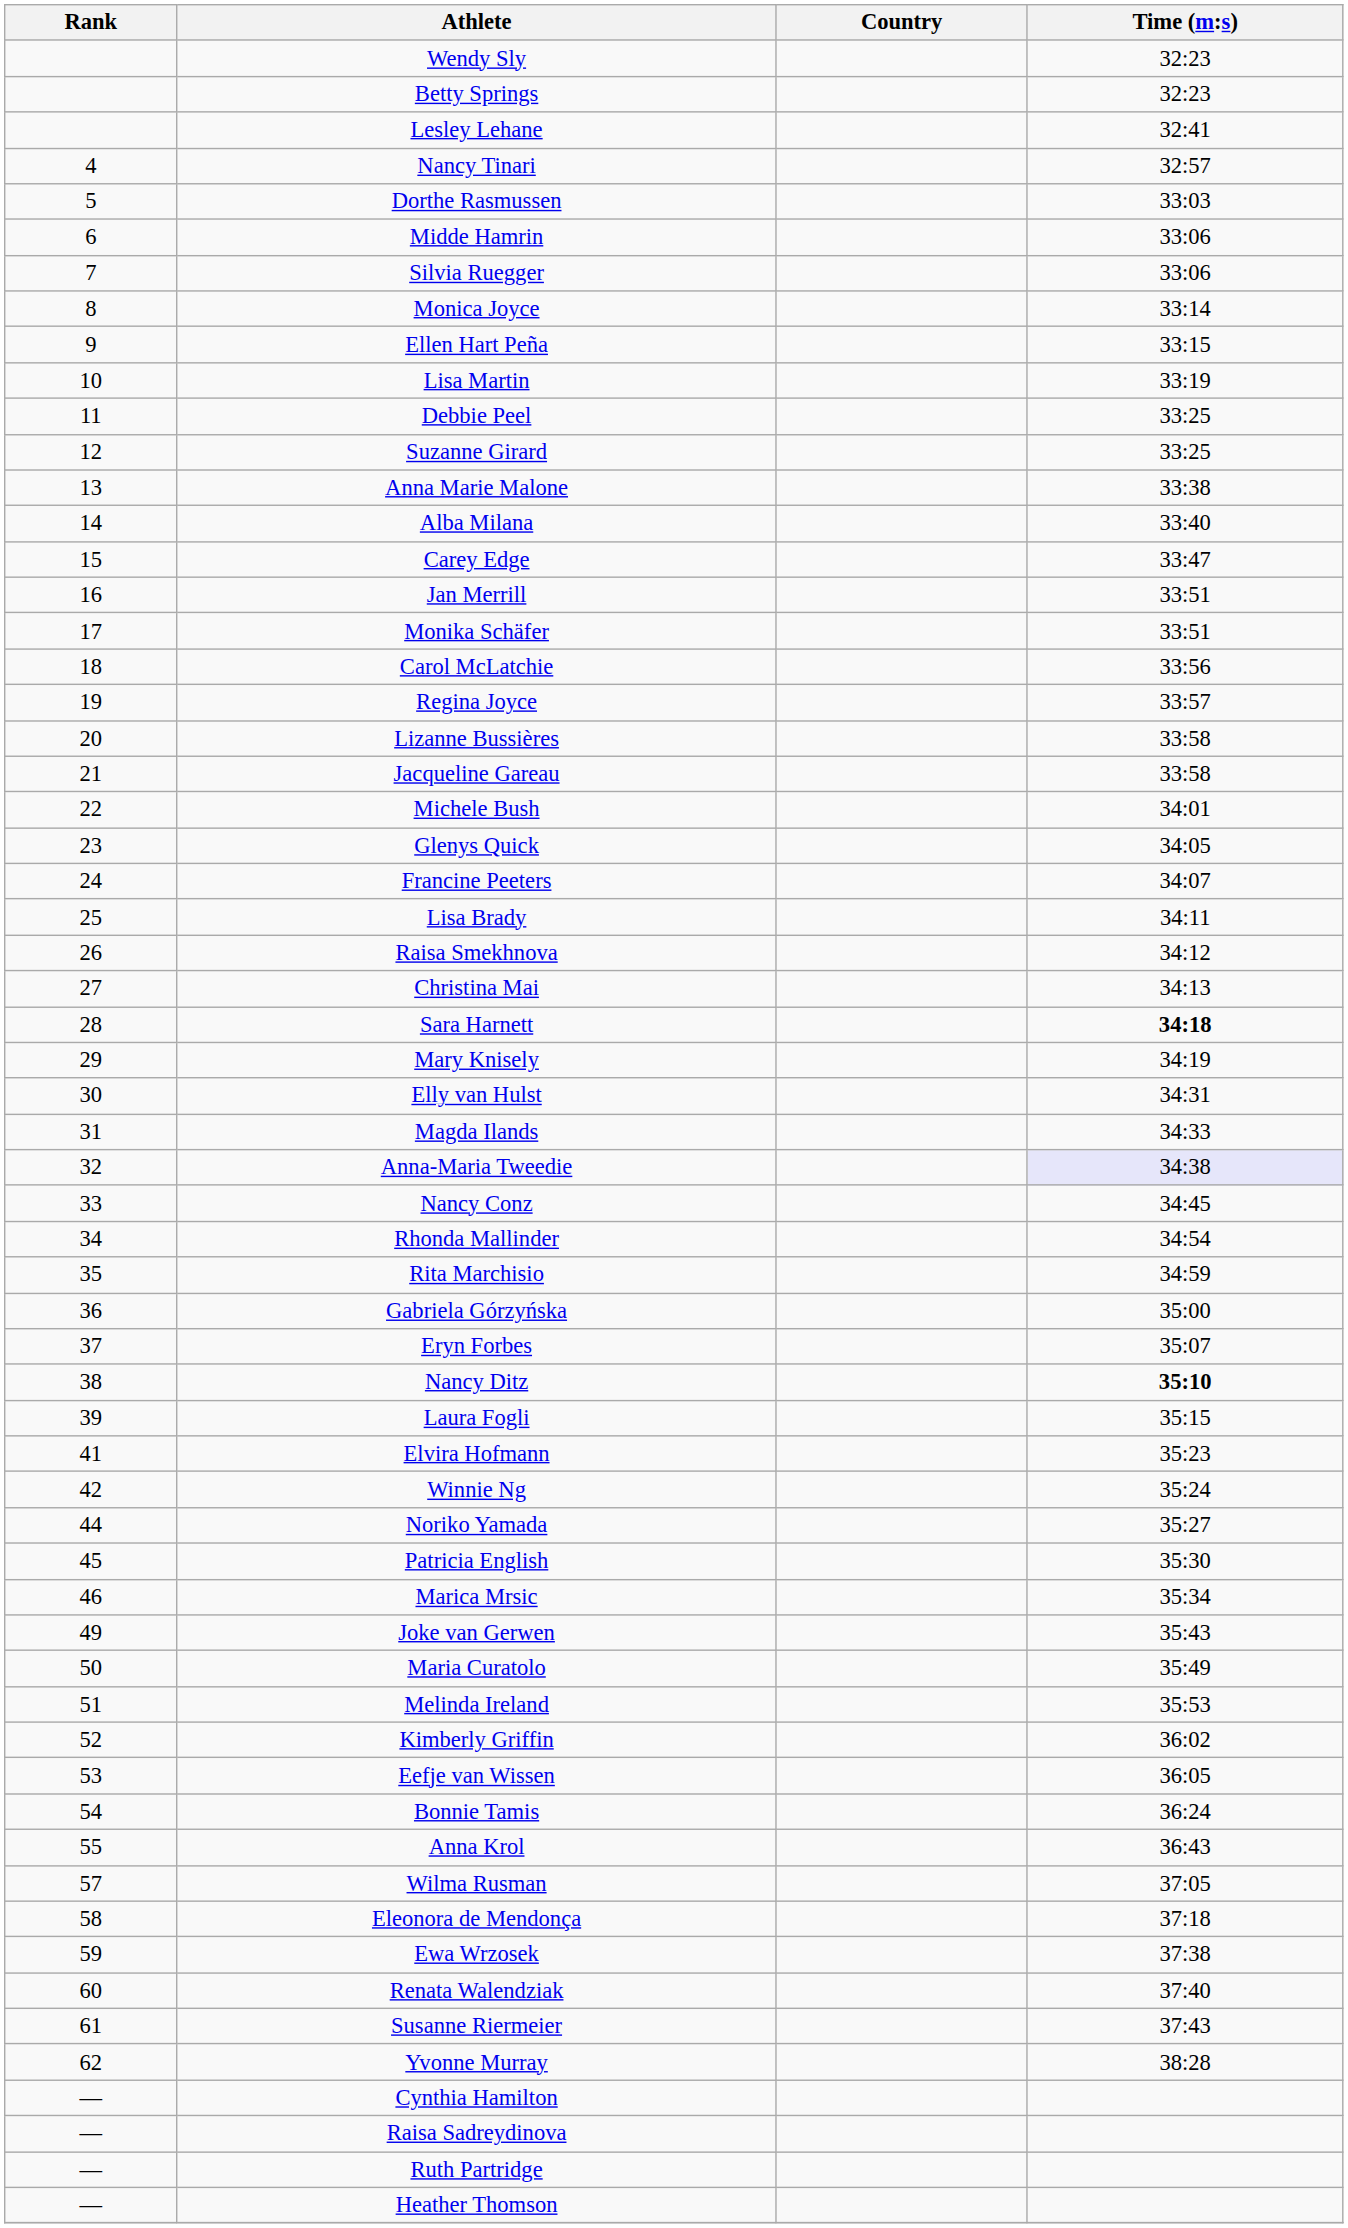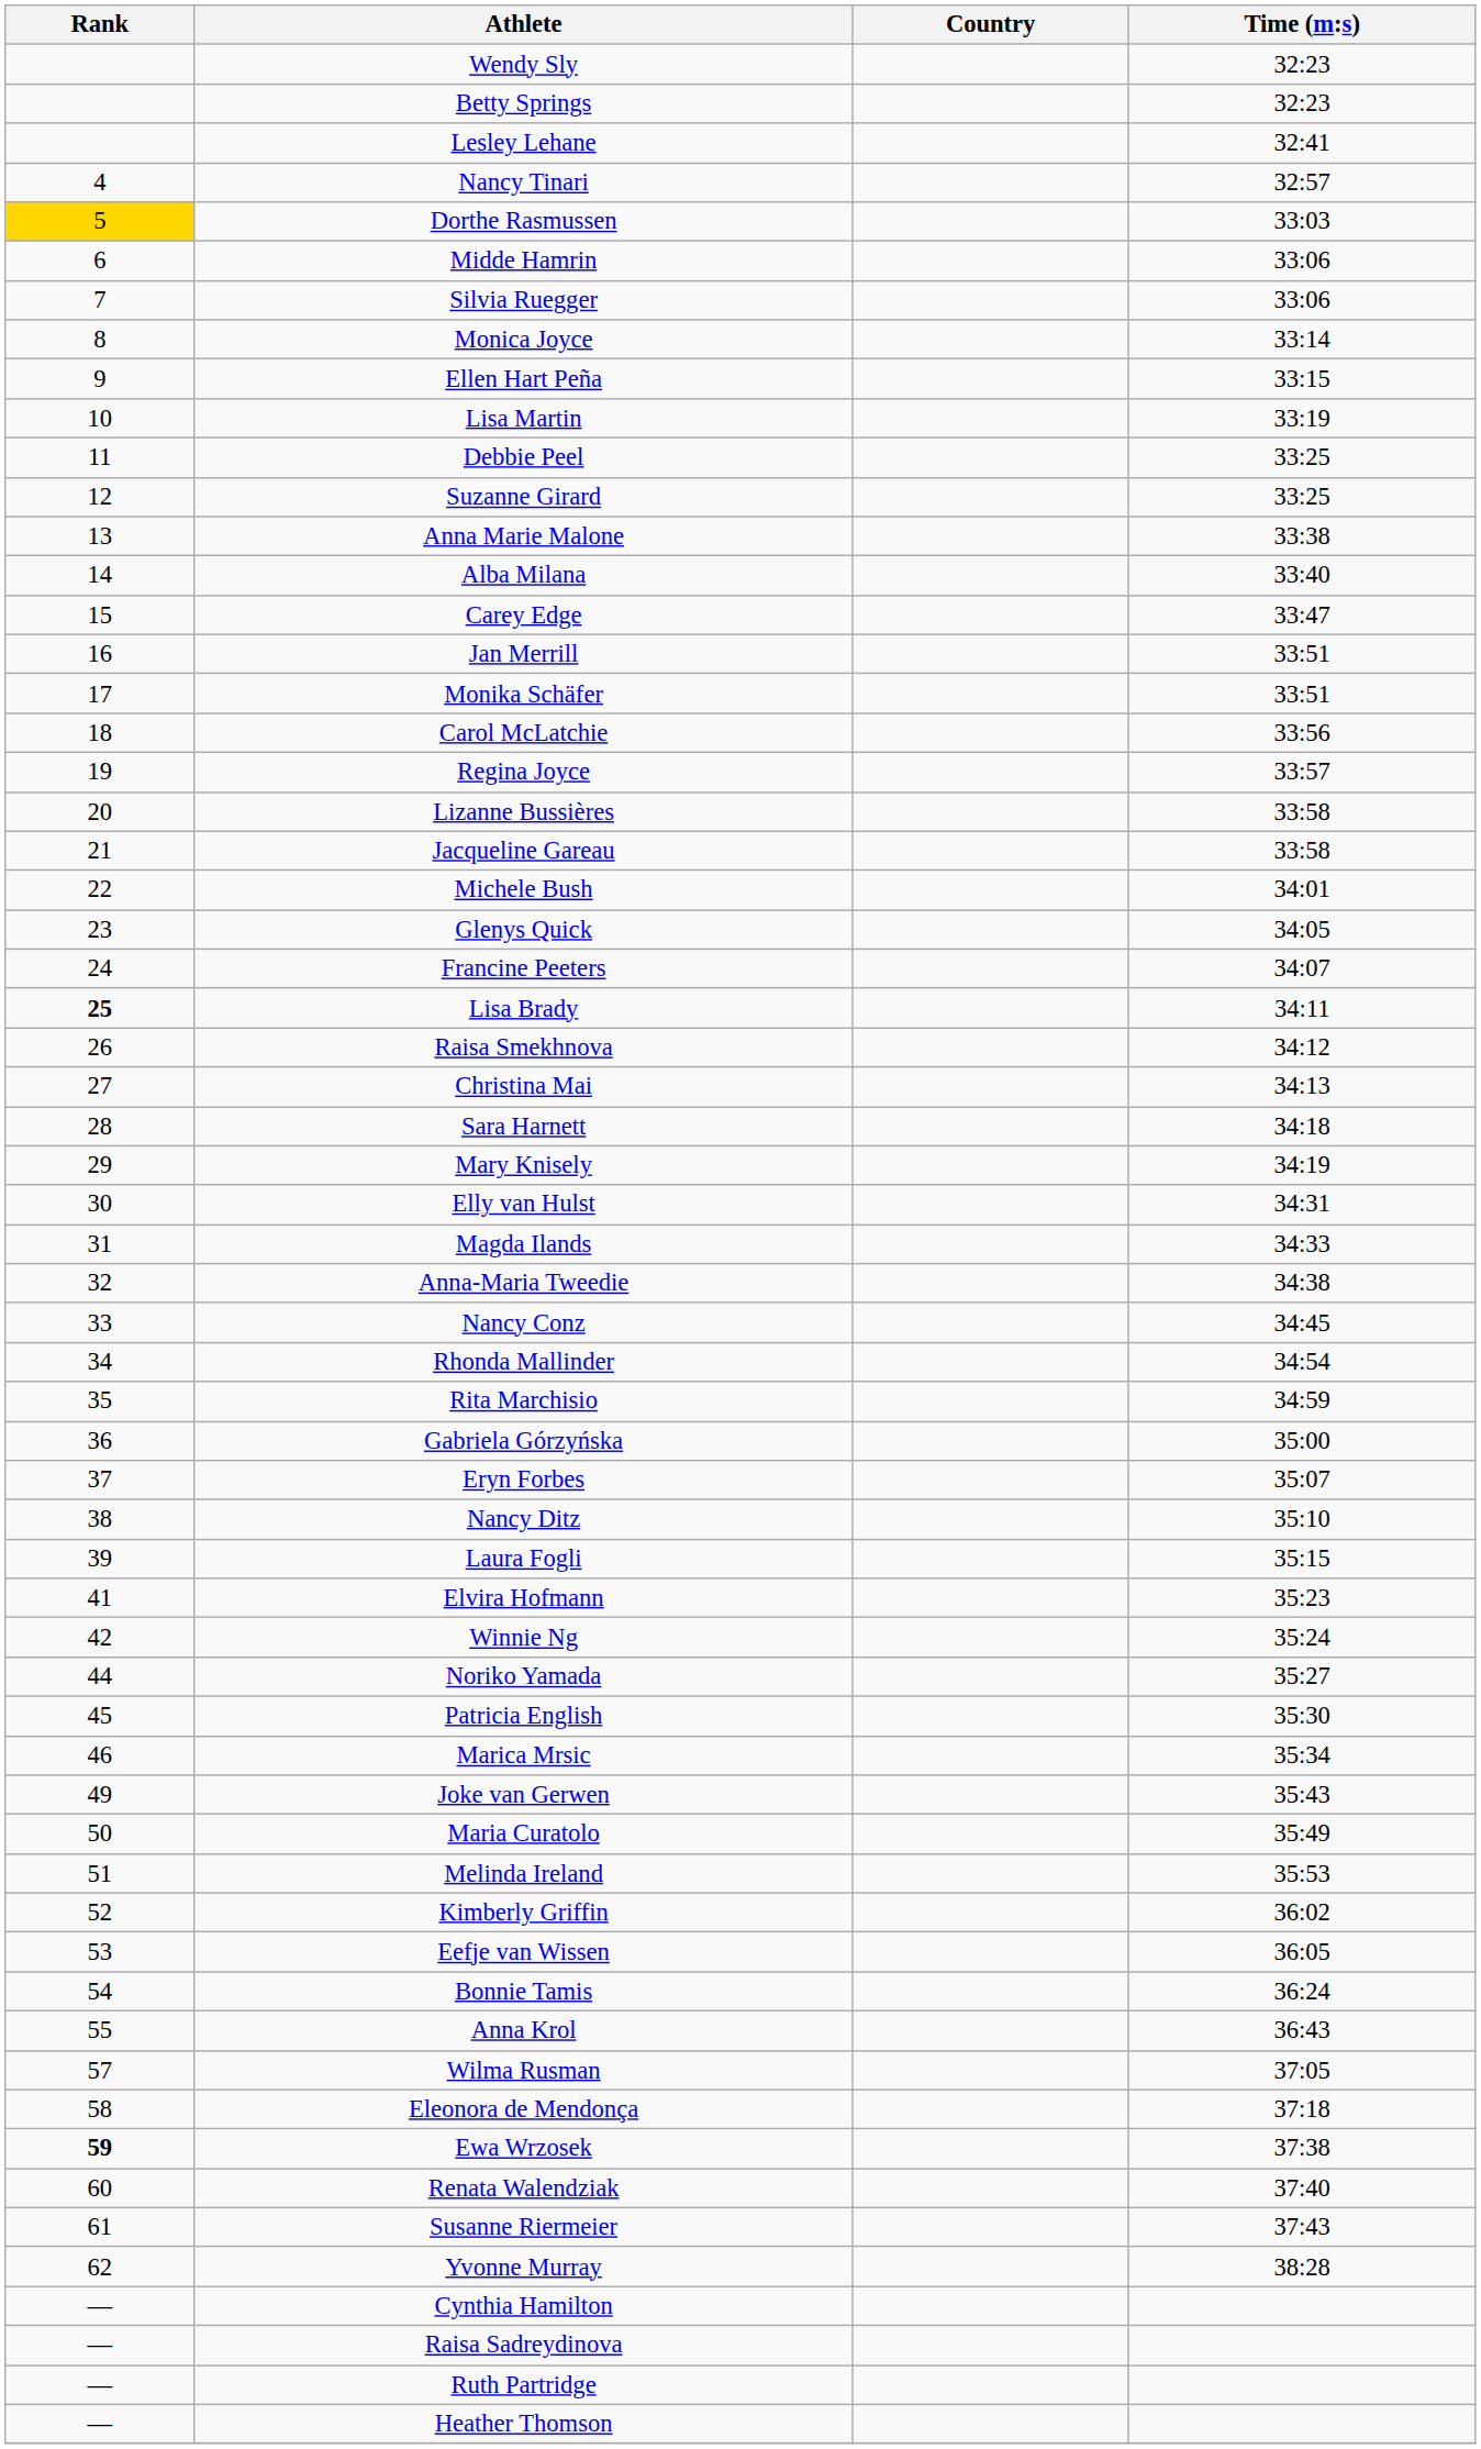 <table class="wikitable sortable" style="text-align:center;" width="60%">
 <tr>
 <th>Rank</th>
 <th>Athlete</th>
 <th>Country</th>
 <th>Time (<a href='#'>m</a>:<a href='#'>s</a>)</th>
 </tr>
 <tr>
 <td></td>
 <td><a href='#'>Wendy Sly</a></td>
 <td align=left></td>
 <td>32:23</td>
 </tr>
 <tr>
 <td></td>
 <td><a href='#'>Betty Springs</a></td>
 <td align=left></td>
 <td>32:23</td>
 </tr>
 <tr>
 <td></td>
 <td><a href='#'>Lesley Lehane</a></td>
 <td align=left></td>
 <td>32:41</td>
 </tr>
 <tr>
 <td>4</td>
 <td><a href='#'>Nancy Tinari</a></td>
 <td align=left></td>
 <td>32:57</td>
 </tr>
 <tr>
-<td>5</td>
+<td style="background: gold;">5</td>
 <td><a href='#'>Dorthe Rasmussen</a></td>
 <td align=left></td>
 <td>33:03</td>
 </tr>
 <tr>
 <td>6</td>
 <td><a href='#'>Midde Hamrin</a></td>
 <td align=left></td>
 <td>33:06</td>
 </tr>
 <tr>
 <td>7</td>
 <td><a href='#'>Silvia Ruegger</a></td>
 <td align=left></td>
 <td>33:06</td>
 </tr>
 <tr>
 <td>8</td>
 <td><a href='#'>Monica Joyce</a></td>
 <td align=left></td>
 <td>33:14</td>
 </tr>
 <tr>
 <td>9</td>
 <td><a href='#'>Ellen Hart Peña</a></td>
 <td align=left></td>
 <td>33:15</td>
 </tr>
 <tr>
 <td>10</td>
 <td><a href='#'>Lisa Martin</a></td>
 <td align=left></td>
 <td>33:19</td>
 </tr>
 <tr>
 <td>11</td>
 <td><a href='#'>Debbie Peel</a></td>
 <td align=left></td>
 <td>33:25</td>
 </tr>
 <tr>
 <td>12</td>
 <td><a href='#'>Suzanne Girard</a></td>
 <td align=left></td>
 <td>33:25</td>
 </tr>
 <tr>
 <td>13</td>
 <td><a href='#'>Anna Marie Malone</a></td>
 <td align=left></td>
 <td>33:38</td>
 </tr>
 <tr>
 <td>14</td>
 <td><a href='#'>Alba Milana</a></td>
 <td align=left></td>
 <td>33:40</td>
 </tr>
 <tr>
 <td>15</td>
 <td><a href='#'>Carey Edge</a></td>
 <td align=left></td>
 <td>33:47</td>
 </tr>
 <tr>
 <td>16</td>
 <td><a href='#'>Jan Merrill</a></td>
 <td align=left></td>
 <td>33:51</td>
 </tr>
 <tr>
 <td>17</td>
 <td><a href='#'>Monika Schäfer</a></td>
 <td align=left></td>
 <td>33:51</td>
 </tr>
 <tr>
 <td>18</td>
 <td><a href='#'>Carol McLatchie</a></td>
 <td align=left></td>
 <td>33:56</td>
 </tr>
 <tr>
 <td>19</td>
 <td><a href='#'>Regina Joyce</a></td>
 <td align=left></td>
 <td>33:57</td>
 </tr>
 <tr>
 <td>20</td>
 <td><a href='#'>Lizanne Bussières</a></td>
 <td align=left></td>
 <td>33:58</td>
 </tr>
 <tr>
 <td>21</td>
 <td><a href='#'>Jacqueline Gareau</a></td>
 <td align=left></td>
 <td>33:58</td>
 </tr>
 <tr>
 <td>22</td>
 <td><a href='#'>Michele Bush</a></td>
 <td align=left></td>
 <td>34:01</td>
 </tr>
 <tr>
 <td>23</td>
 <td><a href='#'>Glenys Quick</a></td>
 <td align=left></td>
 <td>34:05</td>
 </tr>
 <tr>
 <td>24</td>
 <td><a href='#'>Francine Peeters</a></td>
 <td align=left></td>
 <td>34:07</td>
 </tr>
 <tr>
-<td>25</td>
+<td><strong>25</strong></td>
 <td><a href='#'>Lisa Brady</a></td>
 <td align=left></td>
 <td>34:11</td>
 </tr>
 <tr>
 <td>26</td>
 <td><a href='#'>Raisa Smekhnova</a></td>
 <td align=left></td>
 <td>34:12</td>
 </tr>
 <tr>
 <td>27</td>
 <td><a href='#'>Christina Mai</a></td>
 <td align=left></td>
 <td>34:13</td>
 </tr>
 <tr>
 <td>28</td>
 <td><a href='#'>Sara Harnett</a></td>
 <td align=left></td>
-<td><strong>34:18</strong></td>
+<td>34:18</td>
 </tr>
 <tr>
 <td>29</td>
 <td><a href='#'>Mary Knisely</a></td>
 <td align=left></td>
 <td>34:19</td>
 </tr>
 <tr>
 <td>30</td>
 <td><a href='#'>Elly van Hulst</a></td>
 <td align=left></td>
 <td>34:31</td>
 </tr>
 <tr>
 <td>31</td>
 <td><a href='#'>Magda Ilands</a></td>
 <td align=left></td>
 <td>34:33</td>
 </tr>
 <tr>
 <td>32</td>
 <td><a href='#'>Anna-Maria Tweedie</a></td>
 <td align=left></td>
-<td style="background: lavender;">34:38</td>
+<td>34:38</td>
 </tr>
 <tr>
 <td>33</td>
 <td><a href='#'>Nancy Conz</a></td>
 <td align=left></td>
 <td>34:45</td>
 </tr>
 <tr>
 <td>34</td>
 <td><a href='#'>Rhonda Mallinder</a></td>
 <td align=left></td>
 <td>34:54</td>
 </tr>
 <tr>
 <td>35</td>
 <td><a href='#'>Rita Marchisio</a></td>
 <td align=left></td>
 <td>34:59</td>
 </tr>
 <tr>
 <td>36</td>
 <td><a href='#'>Gabriela Górzyńska</a></td>
 <td align=left></td>
 <td>35:00</td>
 </tr>
 <tr>
 <td>37</td>
 <td><a href='#'>Eryn Forbes</a></td>
 <td align=left></td>
 <td>35:07</td>
 </tr>
 <tr>
 <td>38</td>
 <td><a href='#'>Nancy Ditz</a></td>
 <td align=left></td>
-<td><strong>35:10</strong></td>
+<td>35:10</td>
 </tr>
 <tr>
 <td>39</td>
 <td><a href='#'>Laura Fogli</a></td>
 <td align=left></td>
 <td>35:15</td>
 </tr>
 <tr>
 <td>41</td>
 <td><a href='#'>Elvira Hofmann</a></td>
 <td align=left></td>
 <td>35:23</td>
 </tr>
 <tr>
 <td>42</td>
 <td><a href='#'>Winnie Ng</a></td>
 <td align=left></td>
 <td>35:24</td>
 </tr>
 <tr>
 <td>44</td>
 <td><a href='#'>Noriko Yamada</a></td>
 <td align=left></td>
 <td>35:27</td>
 </tr>
 <tr>
 <td>45</td>
 <td><a href='#'>Patricia English</a></td>
 <td align=left></td>
 <td>35:30</td>
 </tr>
 <tr>
 <td>46</td>
 <td><a href='#'>Marica Mrsic</a></td>
 <td align=left></td>
 <td>35:34</td>
 </tr>
 <tr>
 <td>49</td>
 <td><a href='#'>Joke van Gerwen</a></td>
 <td align=left></td>
 <td>35:43</td>
 </tr>
 <tr>
 <td>50</td>
 <td><a href='#'>Maria Curatolo</a></td>
 <td align=left></td>
 <td>35:49</td>
 </tr>
 <tr>
 <td>51</td>
 <td><a href='#'>Melinda Ireland</a></td>
 <td align=left></td>
 <td>35:53</td>
 </tr>
 <tr>
 <td>52</td>
 <td><a href='#'>Kimberly Griffin</a></td>
 <td align=left></td>
 <td>36:02</td>
 </tr>
 <tr>
 <td>53</td>
 <td><a href='#'>Eefje van Wissen</a></td>
 <td align=left></td>
 <td>36:05</td>
 </tr>
 <tr>
 <td>54</td>
 <td><a href='#'>Bonnie Tamis</a></td>
 <td align=left></td>
 <td>36:24</td>
 </tr>
 <tr>
 <td>55</td>
 <td><a href='#'>Anna Krol</a></td>
 <td align=left></td>
 <td>36:43</td>
 </tr>
 <tr>
 <td>57</td>
 <td><a href='#'>Wilma Rusman</a></td>
 <td align=left></td>
 <td>37:05</td>
 </tr>
 <tr>
 <td>58</td>
 <td><a href='#'>Eleonora de Mendonça</a></td>
 <td align=left></td>
 <td>37:18</td>
 </tr>
 <tr>
-<td>59</td>
+<td><strong>59</strong></td>
 <td><a href='#'>Ewa Wrzosek</a></td>
 <td align=left></td>
 <td>37:38</td>
 </tr>
 <tr>
 <td>60</td>
 <td><a href='#'>Renata Walendziak</a></td>
 <td align=left></td>
 <td>37:40</td>
 </tr>
 <tr>
 <td>61</td>
 <td><a href='#'>Susanne Riermeier</a></td>
 <td align=left></td>
 <td>37:43</td>
 </tr>
 <tr>
 <td>62</td>
 <td><a href='#'>Yvonne Murray</a></td>
 <td align=left></td>
 <td>38:28</td>
 </tr>
 <tr>
 <td>—</td>
 <td><a href='#'>Cynthia Hamilton</a></td>
 <td align=left></td>
 <td></td>
 </tr>
 <tr>
 <td>—</td>
 <td><a href='#'>Raisa Sadreydinova</a></td>
 <td align=left></td>
 <td></td>
 </tr>
 <tr>
 <td>—</td>
 <td><a href='#'>Ruth Partridge</a></td>
 <td align=left></td>
 <td></td>
 </tr>
 <tr>
 <td>—</td>
 <td><a href='#'>Heather Thomson</a></td>
 <td align=left></td>
 <td></td>
 </tr>
 <tr>
 </tr>
 </table>
